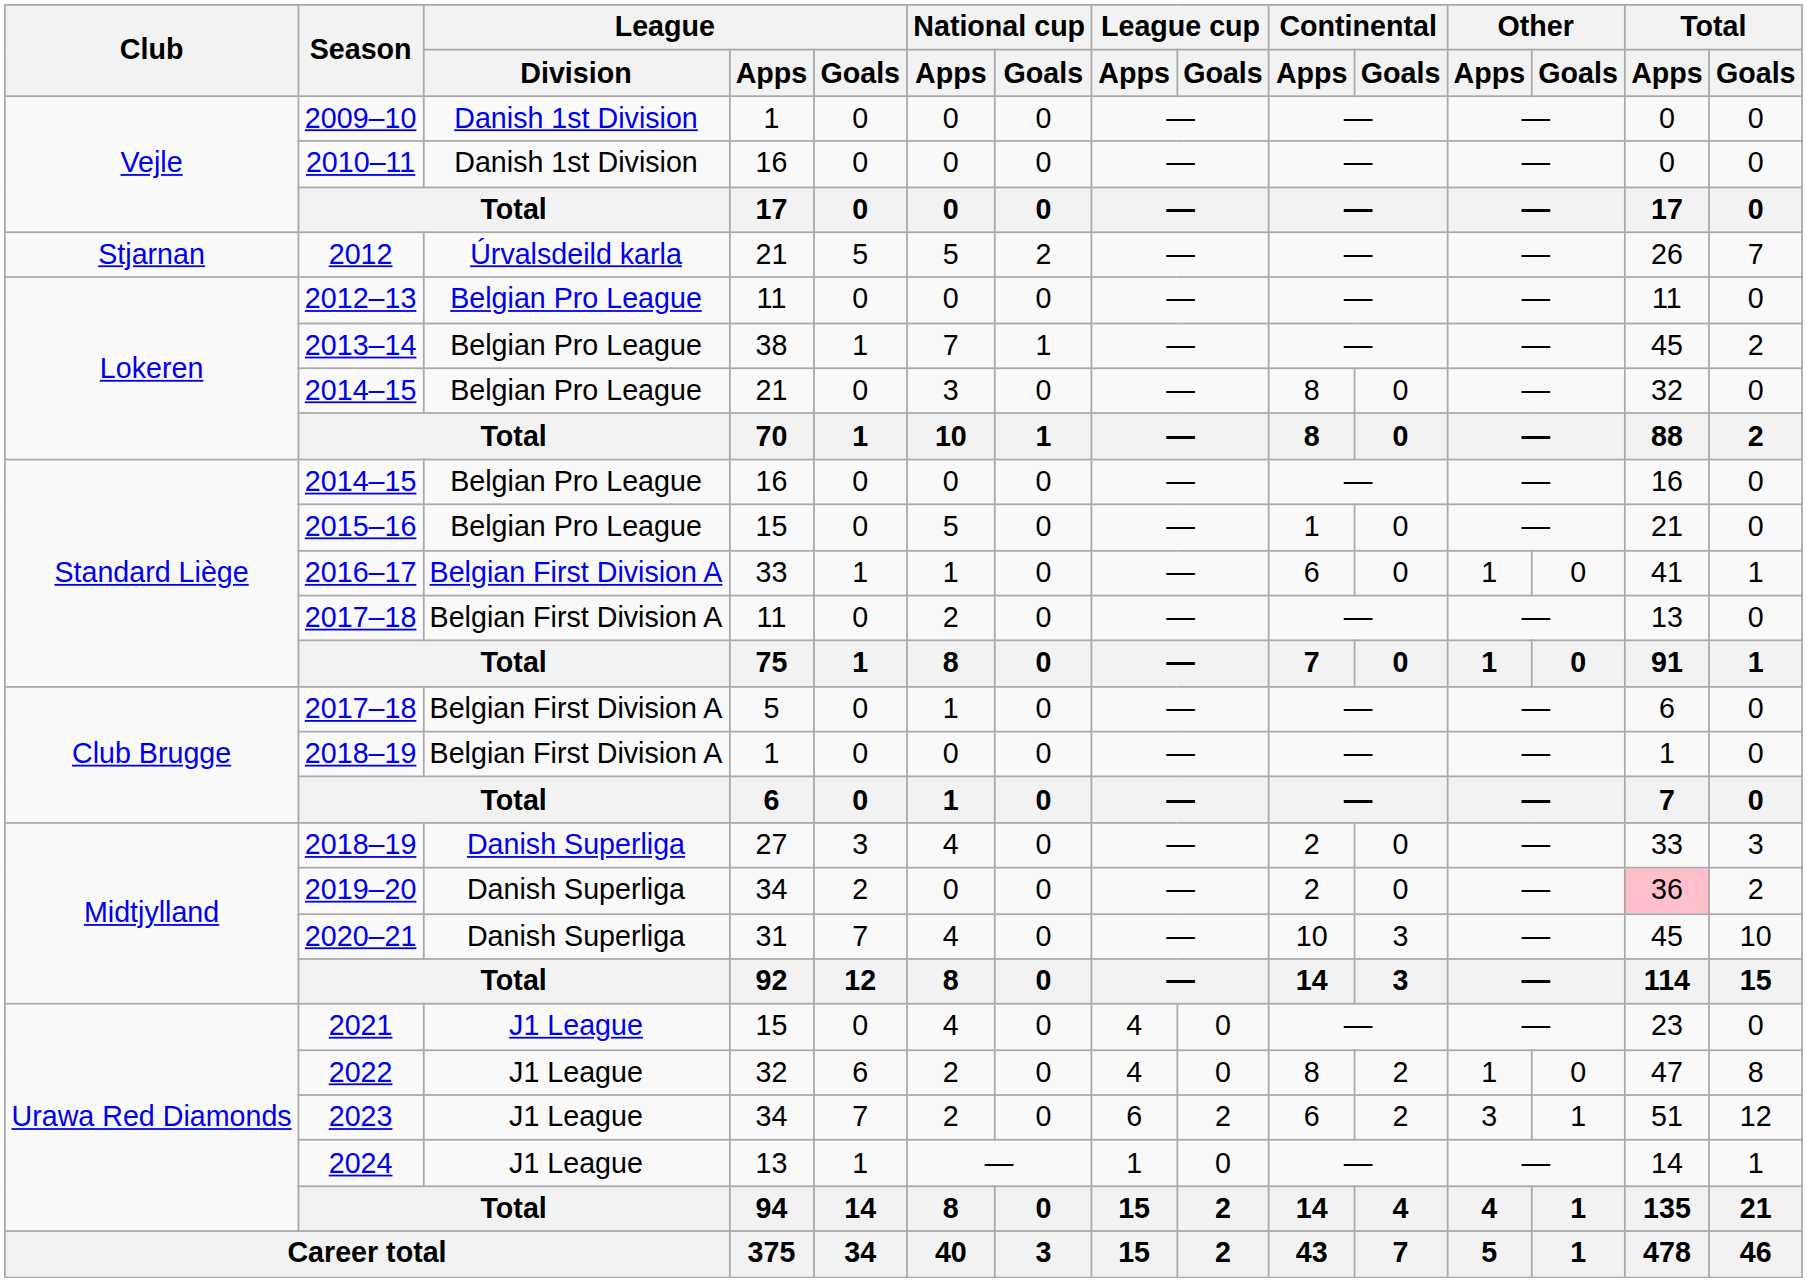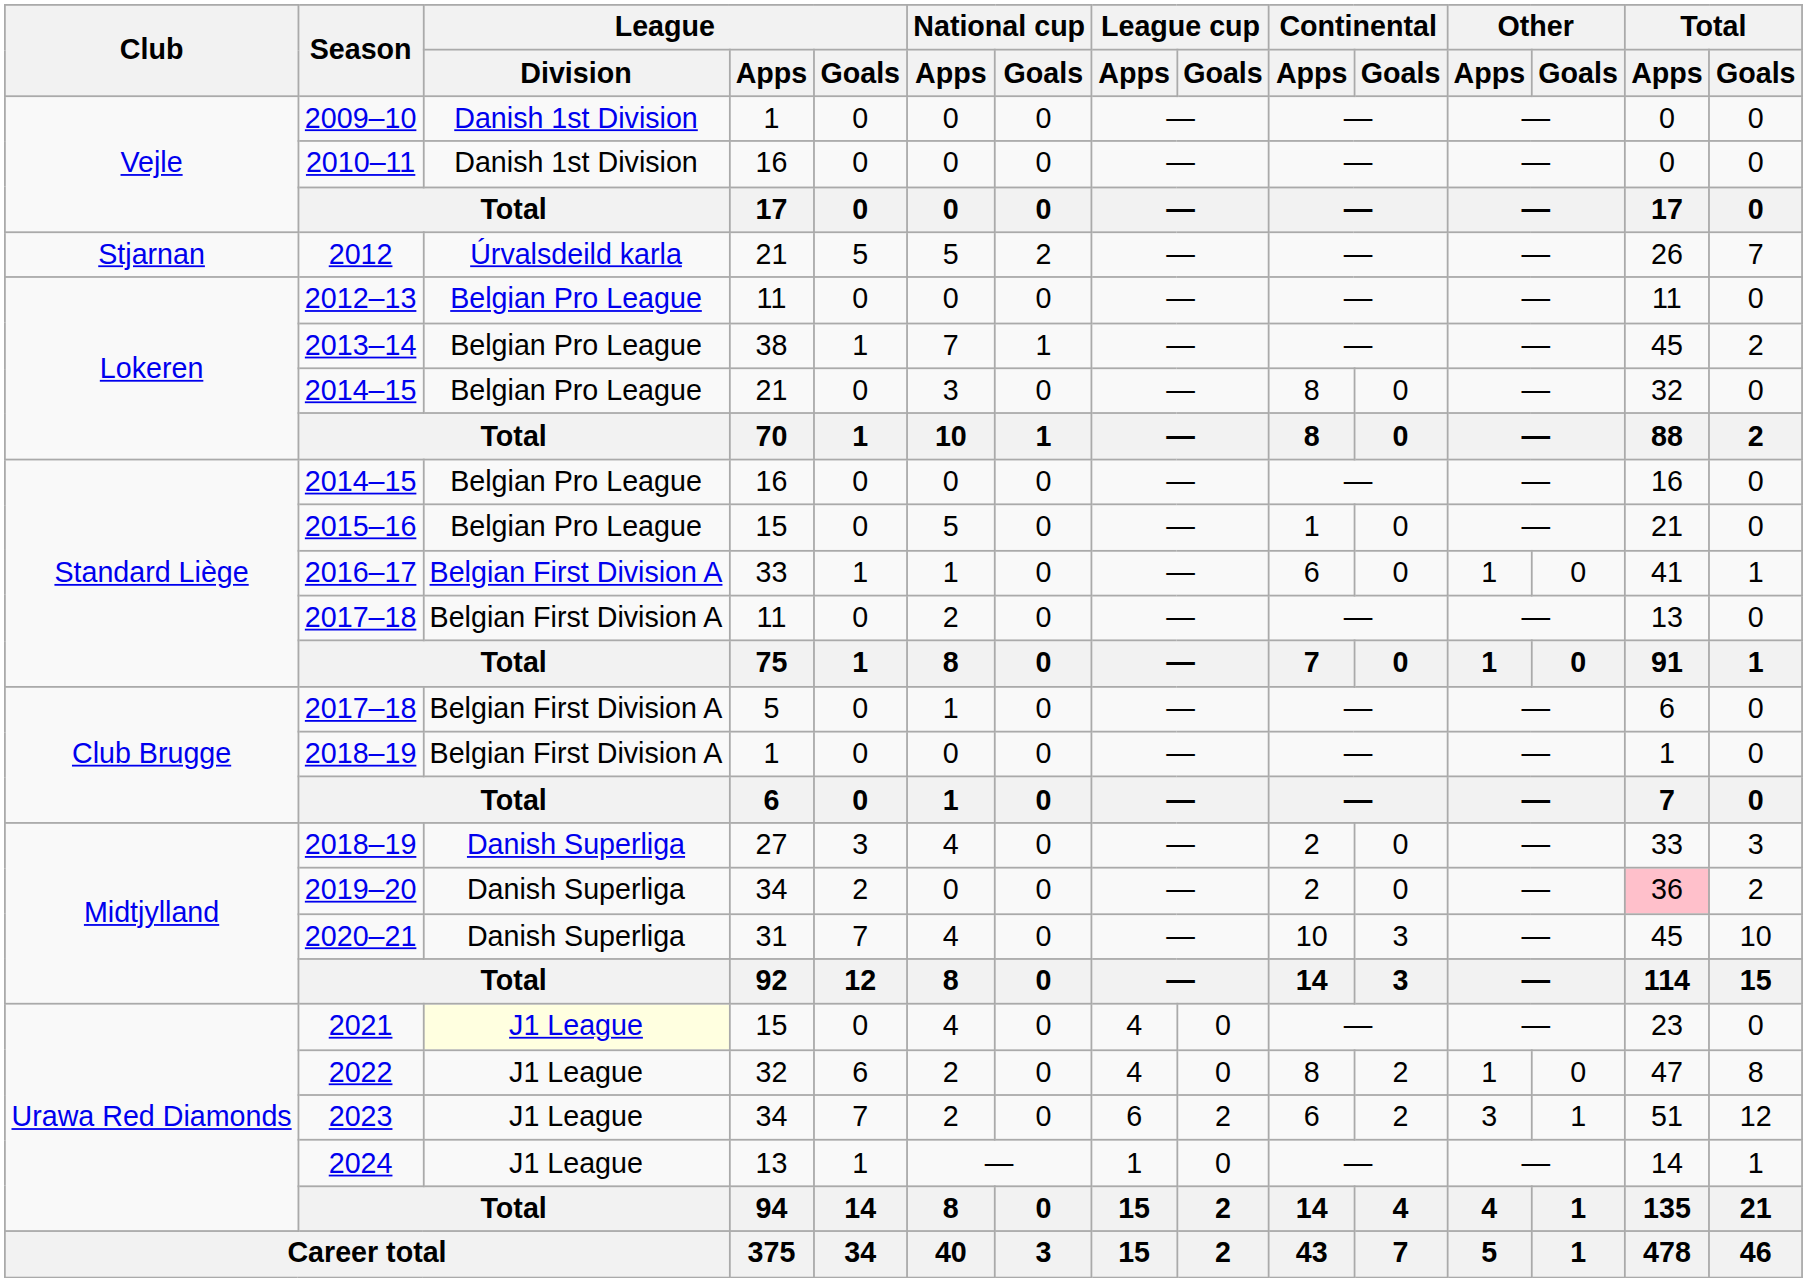 <table class="wikitable" style="text-align:center">
 <tr>
 <th rowspan="2">Club</th>
 <th rowspan="2">Season</th>
 <th colspan="3">League</th>
 <th colspan="2">National cup</th>
 <th colspan="2">League cup</th>
 <th colspan="2">Continental</th>
 <th colspan="2">Other</th>
 <th colspan="2">Total</th>
 </tr>
 <tr>
 <th>Division</th>
 <th>Apps</th>
 <th>Goals</th>
 <th>Apps</th>
 <th>Goals</th>
 <th>Apps</th>
 <th>Goals</th>
 <th>Apps</th>
 <th>Goals</th>
 <th>Apps</th>
 <th>Goals</th>
 <th>Apps</th>
 <th>Goals</th>
 </tr>
 <tr>
 <td rowspan="3"><a href='#'>Vejle</a></td>
 <td><a href='#'>2009–10</a></td>
 <td><a href='#'>Danish 1st Division</a></td>
 <td>1</td>
 <td>0</td>
 <td>0</td>
 <td>0</td>
 <td colspan="2">—</td>
 <td colspan="2">—</td>
 <td colspan="2">—</td>
 <td>0</td>
 <td>0</td>
 </tr>
 <tr |->
 <td><a href='#'>2010–11</a></td>
 <td>Danish 1st Division</td>
 <td>16</td>
 <td>0</td>
 <td>0</td>
 <td>0</td>
 <td colspan="2">—</td>
 <td colspan="2">—</td>
 <td colspan="2">—</td>
 <td>0</td>
 <td>0</td>
 </tr>
 <tr>
 <th colspan="2">Total</th>
 <th>17</th>
 <th>0</th>
 <th>0</th>
 <th>0</th>
 <th colspan="2">—</th>
 <th colspan="2">—</th>
 <th colspan="2">—</th>
 <th>17</th>
 <th>0</th>
 </tr>
 <tr>
 <td><a href='#'>Stjarnan</a></td>
 <td><a href='#'>2012</a></td>
 <td><a href='#'>Úrvalsdeild karla</a></td>
 <td>21</td>
 <td>5</td>
 <td>5</td>
 <td>2</td>
 <td colspan="2">—</td>
 <td colspan="2">—</td>
 <td colspan="2">—</td>
 <td>26</td>
 <td>7</td>
 </tr>
 <tr>
 <td rowspan="4"><a href='#'>Lokeren</a></td>
 <td><a href='#'>2012–13</a></td>
 <td><a href='#'>Belgian Pro League</a></td>
 <td>11</td>
 <td>0</td>
 <td>0</td>
 <td>0</td>
 <td colspan="2">—</td>
 <td colspan="2">—</td>
 <td colspan="2">—</td>
 <td>11</td>
 <td>0</td>
 </tr>
 <tr>
 <td><a href='#'>2013–14</a></td>
 <td>Belgian Pro League</td>
 <td>38</td>
 <td>1</td>
 <td>7</td>
 <td>1</td>
 <td colspan="2">—</td>
 <td colspan="2">—</td>
 <td colspan="2">—</td>
 <td>45</td>
 <td>2</td>
 </tr>
 <tr>
 <td><a href='#'>2014–15</a></td>
 <td>Belgian Pro League</td>
 <td>21</td>
 <td>0</td>
 <td>3</td>
 <td>0</td>
 <td colspan="2">—</td>
 <td>8</td>
 <td>0</td>
 <td colspan="2">—</td>
 <td>32</td>
 <td>0</td>
 </tr>
 <tr>
 <th colspan="2">Total</th>
 <th>70</th>
 <th>1</th>
 <th>10</th>
 <th>1</th>
 <th colspan="2">—</th>
 <th>8</th>
 <th>0</th>
 <th colspan="2">—</th>
 <th>88</th>
 <th>2</th>
 </tr>
 <tr>
 <td rowspan="5"><a href='#'>Standard Liège</a></td>
 <td><a href='#'>2014–15</a></td>
 <td>Belgian Pro League</td>
 <td>16</td>
 <td>0</td>
 <td>0</td>
 <td>0</td>
 <td colspan="2">—</td>
 <td colspan="2">—</td>
 <td colspan="2">—</td>
 <td>16</td>
 <td>0</td>
 </tr>
 <tr>
 <td><a href='#'>2015–16</a></td>
 <td>Belgian Pro League</td>
 <td>15</td>
 <td>0</td>
 <td>5</td>
 <td>0</td>
 <td colspan="2">—</td>
 <td>1</td>
 <td>0</td>
 <td colspan="2">—</td>
 <td>21</td>
 <td>0</td>
 </tr>
 <tr>
 <td><a href='#'>2016–17</a></td>
 <td><a href='#'>Belgian First Division A</a></td>
 <td>33</td>
 <td>1</td>
 <td>1</td>
 <td>0</td>
 <td colspan="2">—</td>
 <td>6</td>
 <td>0</td>
 <td>1</td>
 <td>0</td>
 <td>41</td>
 <td>1</td>
 </tr>
 <tr>
 <td><a href='#'>2017–18</a></td>
 <td>Belgian First Division A</td>
 <td>11</td>
 <td>0</td>
 <td>2</td>
 <td>0</td>
 <td colspan="2">—</td>
 <td colspan="2">—</td>
 <td colspan="2">—</td>
 <td>13</td>
 <td>0</td>
 </tr>
 <tr>
 <th colspan="2">Total</th>
 <th>75</th>
 <th>1</th>
 <th>8</th>
 <th>0</th>
 <th colspan="2">—</th>
 <th>7</th>
 <th>0</th>
 <th>1</th>
 <th>0</th>
 <th>91</th>
 <th>1</th>
 </tr>
 <tr>
 <td rowspan="3"><a href='#'>Club Brugge</a></td>
 <td><a href='#'>2017–18</a></td>
 <td>Belgian First Division A</td>
 <td>5</td>
 <td>0</td>
 <td>1</td>
 <td>0</td>
 <td colspan="2">—</td>
 <td colspan="2">—</td>
 <td colspan="2">—</td>
 <td>6</td>
 <td>0</td>
 </tr>
 <tr>
 <td><a href='#'>2018–19</a></td>
 <td>Belgian First Division A</td>
 <td>1</td>
 <td>0</td>
 <td>0</td>
 <td>0</td>
 <td colspan="2">—</td>
 <td colspan="2">—</td>
 <td colspan="2">—</td>
 <td>1</td>
 <td>0</td>
 </tr>
 <tr>
 <th colspan="2">Total</th>
 <th>6</th>
 <th>0</th>
 <th>1</th>
 <th>0</th>
 <th colspan="2">—</th>
 <th colspan="2">—</th>
 <th colspan="2">—</th>
 <th>7</th>
 <th>0</th>
 </tr>
 <tr>
 <td rowspan="4"><a href='#'>Midtjylland</a></td>
 <td><a href='#'>2018–19</a></td>
 <td><a href='#'>Danish Superliga</a></td>
 <td>27</td>
 <td>3</td>
 <td>4</td>
 <td>0</td>
 <td colspan="2">—</td>
 <td>2</td>
 <td>0</td>
 <td colspan="2">—</td>
 <td>33</td>
 <td>3</td>
 </tr>
 <tr>
 <td><a href='#'>2019–20</a></td>
 <td>Danish Superliga</td>
 <td>34</td>
 <td>2</td>
 <td>0</td>
 <td>0</td>
 <td colspan="2">—</td>
 <td>2</td>
 <td>0</td>
 <td colspan="2">—</td>
 <td style="background: pink;">36</td>
 <td>2</td>
 </tr>
 <tr>
 <td><a href='#'>2020–21</a></td>
 <td>Danish Superliga</td>
 <td>31</td>
 <td>7</td>
 <td>4</td>
 <td>0</td>
 <td colspan="2">—</td>
 <td>10</td>
 <td>3</td>
 <td colspan="2">—</td>
 <td>45</td>
 <td>10</td>
 </tr>
 <tr>
 <th colspan="2">Total</th>
 <th>92</th>
 <th>12</th>
 <th>8</th>
 <th>0</th>
 <th colspan="2">—</th>
 <th>14</th>
 <th>3</th>
 <th colspan="2">—</th>
 <th>114</th>
 <th>15</th>
 </tr>
 <tr>
 <td rowspan="5"><a href='#'>Urawa Red Diamonds</a></td>
 <td><a href='#'>2021</a></td>
-<td><a href='#'>J1 League</a></td>
+<td style="background: lightyellow;"><a href='#'>J1 League</a></td>
 <td>15</td>
 <td>0</td>
 <td>4</td>
 <td>0</td>
 <td>4</td>
 <td>0</td>
 <td colspan="2">—</td>
 <td colspan="2">—</td>
 <td>23</td>
 <td>0</td>
 </tr>
 <tr>
 <td><a href='#'>2022</a></td>
 <td>J1 League</td>
 <td>32</td>
 <td>6</td>
 <td>2</td>
 <td>0</td>
 <td>4</td>
 <td>0</td>
 <td>8</td>
 <td>2</td>
 <td>1</td>
 <td>0</td>
 <td>47</td>
 <td>8</td>
 </tr>
 <tr>
 <td><a href='#'>2023</a></td>
 <td>J1 League</td>
 <td>34</td>
 <td>7</td>
 <td>2</td>
 <td>0</td>
 <td>6</td>
 <td>2</td>
 <td>6</td>
 <td>2</td>
 <td>3</td>
 <td>1</td>
 <td>51</td>
 <td>12</td>
 </tr>
 <tr>
 <td><a href='#'>2024</a></td>
 <td>J1 League</td>
 <td>13</td>
 <td>1</td>
 <td colspan="2">—</td>
 <td>1</td>
 <td>0</td>
 <td colspan="2">—</td>
 <td colspan="2">—</td>
 <td>14</td>
 <td>1</td>
 </tr>
 <tr>
 <th colspan="2">Total</th>
 <th>94</th>
 <th>14</th>
 <th>8</th>
 <th>0</th>
 <th>15</th>
 <th>2</th>
 <th>14</th>
 <th>4</th>
 <th>4</th>
 <th>1</th>
 <th>135</th>
 <th>21</th>
 </tr>
 <tr>
 <th colspan="3">Career total</th>
 <th>375</th>
 <th>34</th>
 <th>40</th>
 <th>3</th>
 <th>15</th>
 <th>2</th>
 <th>43</th>
 <th>7</th>
 <th>5</th>
 <th>1</th>
 <th>478</th>
 <th>46</th>
 </tr>
 </table>
